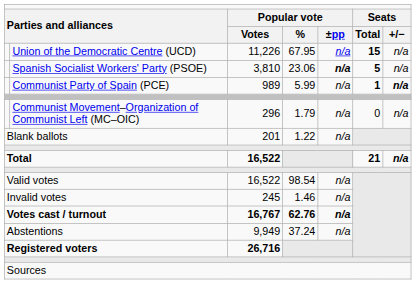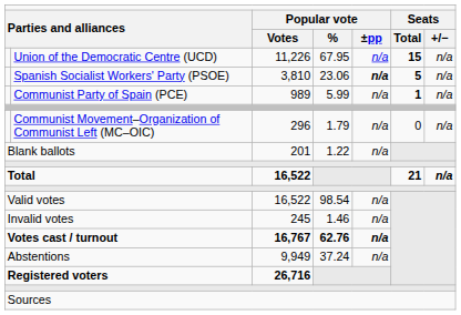 <table class="wikitable" style="text-align:right;">
 <tr>
 <td colspan="7"></td>
 </tr>
 <tr>
 <th style="text-align:left;" rowspan="2" colspan="2" width="525">Parties and alliances</th>
 <th colspan="3">Popular vote</th>
 <th colspan="2">Seats</th>
 </tr>
 <tr>
 <th width="75">Votes</th>
 <th width="45">%</th>
 <th width="45">±<a href='#'>pp</a></th>
 <th width="35">Total</th>
 <th width="35">+/−</th>
 </tr>
 <tr>
 <td width="1" style="color:inherit;background:"></td>
 <td align="left"><a href='#'>Union of the Democratic Centre</a> (UCD)</td>
 <td>11,226</td>
 <td>67.95</td>
 <td><em><a href='#'>n/a</a></em></td>
 <td><strong>15</strong></td>
 <td><em>n/a</em></td>
 </tr>
 <tr>
 <td style="color:inherit;background:"></td>
 <td align="left"><a href='#'>Spanish Socialist Workers' Party</a> (PSOE)</td>
 <td>3,810</td>
 <td>23.06</td>
 <td><strong><em>n/a</em></strong></td>
 <td><strong>5</strong></td>
 <td><em>n/a</em></td>
 </tr>
 <tr>
 <td style="color:inherit;background:"></td>
 <td align="left"><a href='#'>Communist Party of Spain</a> (PCE)</td>
 <td>989</td>
 <td>5.99</td>
 <td><em>n/a</em></td>
 <td><strong>1</strong></td>
-<td><strong><em>n/a</em></strong></td>
+<td><em>n/a</em></td>
 </tr>
 <tr>
 <td colspan="7" bgcolor="#C0C0C0"></td>
 </tr>
 <tr>
 <td style="color:inherit;background:"></td>
 <td align="left"><a href='#'>Communist Movement</a>–<a href='#'>Organization of Communist Left</a> (MC–OIC)</td>
 <td>296</td>
 <td>1.79</td>
 <td><em>n/a</em></td>
 <td>0</td>
 <td><em>n/a</em></td>
 </tr>
 <tr>
 <td align="left" colspan="2">Blank ballots</td>
 <td>201</td>
 <td>1.22</td>
 <td><em>n/a</em></td>
 <td bgcolor="#E9E9E9" colspan="2"></td>
 </tr>
 <tr>
 <td colspan="7" bgcolor="#E9E9E9"></td>
 </tr>
 <tr style="font-weight:bold;">
 <td align="left" colspan="2">Total</td>
 <td>16,522</td>
 <td bgcolor="#E9E9E9" colspan="2"></td>
 <td>21</td>
 <td><em>n/a</em></td>
 </tr>
 <tr>
 <td colspan="7" bgcolor="#E9E9E9"></td>
 </tr>
 <tr>
 <td align="left" colspan="2">Valid votes</td>
 <td>16,522</td>
 <td>98.54</td>
 <td><em>n/a</em></td>
 <td bgcolor="#E9E9E9" colspan="2" rowspan="5"></td>
 </tr>
 <tr>
 <td align="left" colspan="2">Invalid votes</td>
 <td>245</td>
 <td>1.46</td>
 <td><em>n/a</em></td>
 </tr>
 <tr style="font-weight:bold;">
 <td align="left" colspan="2">Votes cast / turnout</td>
 <td>16,767</td>
 <td>62.76</td>
 <td><em>n/a</em></td>
 </tr>
 <tr>
 <td align="left" colspan="2">Abstentions</td>
 <td>9,949</td>
 <td>37.24</td>
 <td><em>n/a</em></td>
 </tr>
 <tr style="font-weight:bold;">
 <td align="left" colspan="2">Registered voters</td>
 <td>26,716</td>
 <td bgcolor="#E9E9E9" colspan="2"></td>
 </tr>
 <tr>
 <td colspan="7" bgcolor="#E9E9E9"></td>
 </tr>
 <tr>
 <td align="left" colspan="7">Sources</td>
 </tr>
 </table>
